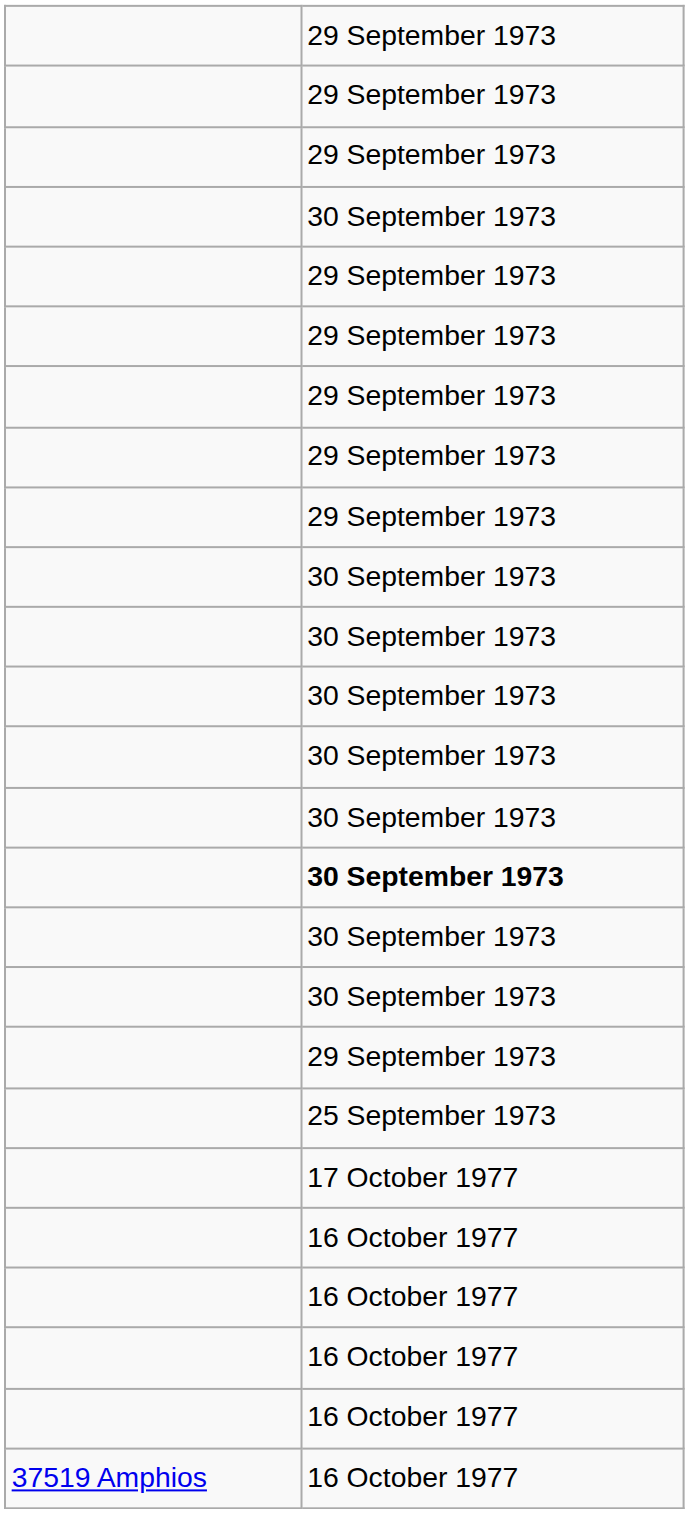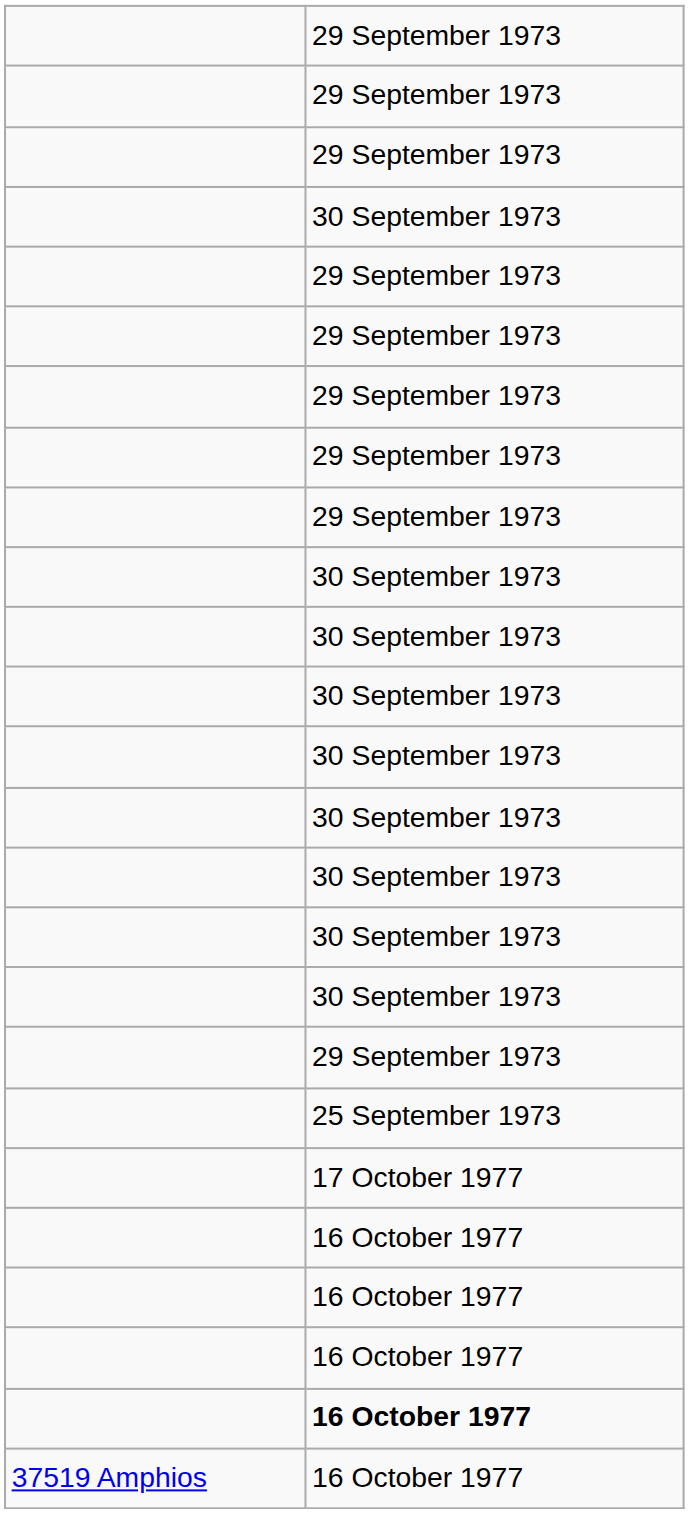 <table class="wikitable" style="font-size: 89%; float: left; width: 24em; margin-right: 1em; line-height: 1.65em">
 <tr>
 <td></td>
 <td>29 September 1973</td>
 </tr>
 <tr>
 <td></td>
 <td>29 September 1973</td>
 </tr>
 <tr>
 <td></td>
 <td>29 September 1973</td>
 </tr>
 <tr>
 <td></td>
 <td>30 September 1973</td>
 </tr>
 <tr>
 <td></td>
 <td>29 September 1973</td>
 </tr>
 <tr>
 <td></td>
 <td>29 September 1973</td>
 </tr>
 <tr>
 <td></td>
 <td>29 September 1973</td>
 </tr>
 <tr>
 <td></td>
 <td>29 September 1973</td>
 </tr>
 <tr>
 <td></td>
 <td>29 September 1973</td>
 </tr>
 <tr>
 <td></td>
 <td>30 September 1973</td>
 </tr>
 <tr>
 <td></td>
 <td>30 September 1973</td>
 </tr>
 <tr>
 <td></td>
 <td>30 September 1973</td>
 </tr>
 <tr>
 <td></td>
 <td>30 September 1973</td>
 </tr>
 <tr>
 <td></td>
 <td>30 September 1973</td>
 </tr>
 <tr>
 <td></td>
-<td><strong>30 September 1973</strong></td>
+<td>30 September 1973</td>
 </tr>
 <tr>
 <td></td>
 <td>30 September 1973</td>
 </tr>
 <tr>
 <td></td>
 <td>30 September 1973</td>
 </tr>
 <tr>
 <td></td>
 <td>29 September 1973</td>
 </tr>
 <tr>
 <td></td>
 <td>25 September 1973</td>
 </tr>
 <tr>
 <td></td>
 <td>17 October 1977</td>
 </tr>
 <tr>
 <td></td>
 <td>16 October 1977</td>
 </tr>
 <tr>
 <td></td>
 <td>16 October 1977</td>
 </tr>
 <tr>
 <td></td>
 <td>16 October 1977</td>
 </tr>
 <tr>
 <td></td>
-<td>16 October 1977</td>
+<td><strong>16 October 1977</strong></td>
 </tr>
 <tr>
 <td><a href='#'>37519 Amphios</a></td>
 <td>16 October 1977</td>
 </tr>
 </table>
